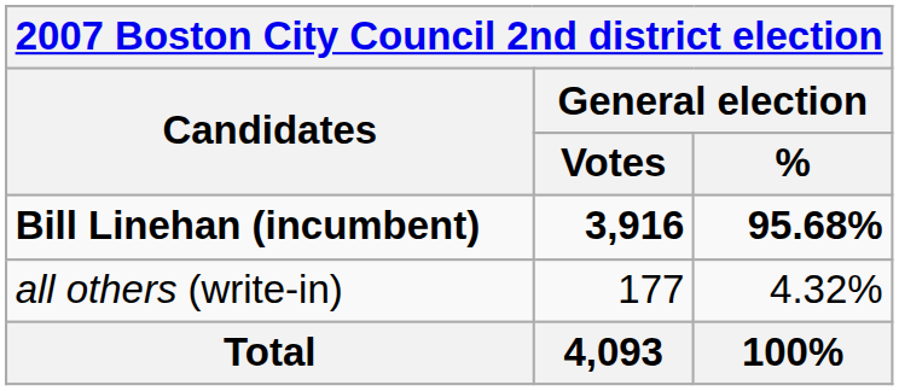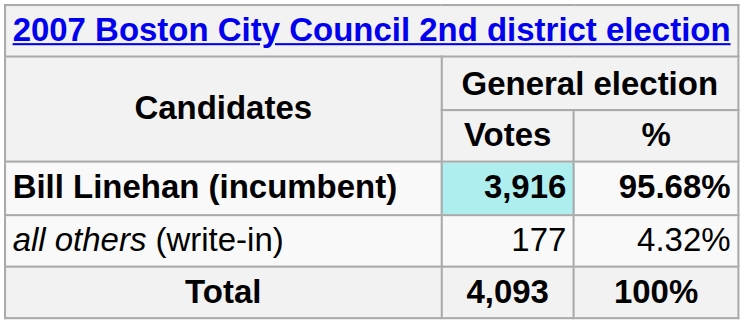 <table class=wikitable>
 <tr>
 <th colspan=3><a href='#'>2007 Boston City Council 2nd district election</a></th>
 </tr>
 <tr>
 <th colspan=1 rowspan=2><strong>Candidates</strong></th>
 <th colspan=2><strong>General election</strong></th>
 </tr>
 <tr>
 <th>Votes</th>
 <th>%</th>
 </tr>
 <tr>
 <td><strong>Bill Linehan (incumbent)</strong></td>
-<td align="right"><strong>3,916</strong></td>
+<td align="right" style="background: paleturquoise;"><strong>3,916</strong></td>
 <td align="right"><strong>95.68%</strong></td>
 </tr>
 <tr>
 <td><em>all others</em> (write-in)</td>
 <td align="right">177</td>
 <td align="right">4.32%</td>
 </tr>
 <tr>
 <th><strong>Total</strong></th>
 <th align="right"><strong>4,093</strong></th>
 <th align="right"><strong>100%</strong></th>
 </tr>
 </table>
